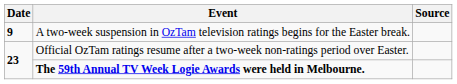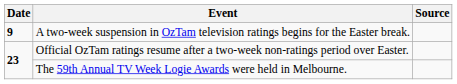 <table class="wikitable">
 <tr>
 <th>Date</th>
 <th>Event</th>
 <th>Source</th>
 </tr>
 <tr>
 <td><strong>9</strong></td>
 <td>A two-week suspension in <a href='#'>OzTam</a> television ratings begins for the Easter break.</td>
 <td></td>
 </tr>
 <tr>
 <td rowspan="2"><strong>23</strong></td>
 <td>Official OzTam ratings resume after a two-week non-ratings period over Easter.</td>
 <td></td>
 </tr>
 <tr>
-<td><strong>The <a href='#'>59th Annual TV Week Logie Awards</a> were held in Melbourne.</strong></td>
+<td>The <a href='#'>59th Annual TV Week Logie Awards</a> were held in Melbourne.</td>
 <td></td>
 </tr>
 </table>
